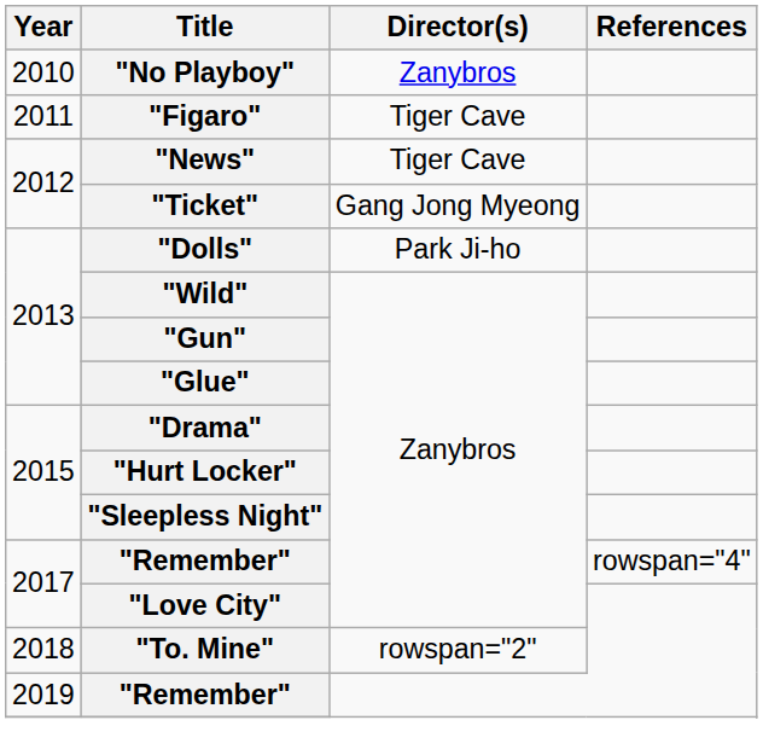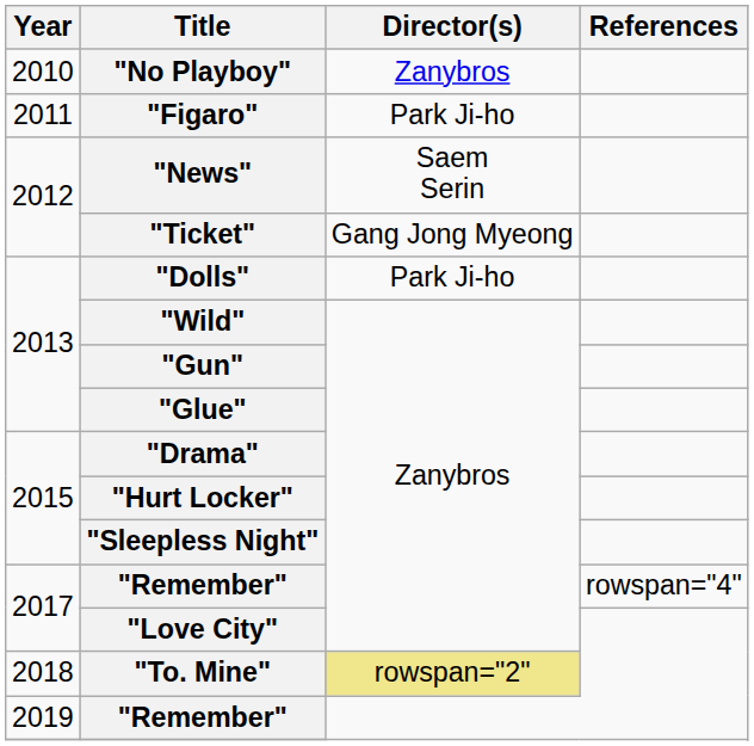 <table class="wikitable plainrowheaders" style="text-align:center">
 <tr>
 <th scope="col">Year</th>
 <th scope="col">Title</th>
 <th scope="col">Director(s)</th>
 <th scope="col">References</th>
 </tr>
 <tr>
 <td>2010</td>
 <th scope="row">"No Playboy"</th>
 <td><a href='#'>Zanybros</a></td>
 <td></td>
 </tr>
 <tr>
 <td>2011</td>
 <th scope="row">"Figaro"</th>
-<td>Tiger Cave</td>
+<td>Park Ji-ho</td>
 <td></td>
 </tr>
 <tr>
 <td rowspan="2">2012</td>
 <th scope="row">"News"</th>
-<td>Tiger Cave</td>
+<td>Saem<br>Serin</td>
 <td></td>
 </tr>
 <tr>
 <th scope="row">"Ticket"</th>
 <td>Gang Jong Myeong</td>
 <td></td>
 </tr>
 <tr>
 <td rowspan="4">2013</td>
 <th scope="row">"Dolls"</th>
 <td>Park Ji-ho</td>
 <td></td>
 </tr>
 <tr>
 <th scope="row">"Wild"</th>
 <td rowspan="8">Zanybros</td>
 <td></td>
 </tr>
 <tr>
 <th scope="row">"Gun"</th>
 <td></td>
 </tr>
 <tr>
 <th scope="row">"Glue"</th>
 <td></td>
 </tr>
 <tr>
 <td rowspan="3">2015</td>
 <th scope="row">"Drama"</th>
 <td></td>
 </tr>
 <tr>
 <th scope="row">"Hurt Locker"</th>
 <td></td>
 </tr>
 <tr>
 <th scope="row">"Sleepless Night"</th>
 <td></td>
 </tr>
 <tr>
 <td rowspan="2">2017</td>
 <th scope="row">"Remember"</th>
 <td>rowspan="4" </td>
 </tr>
 <tr>
 <th scope="row">"Love City"</th>
 </tr>
 <tr>
 <td>2018</td>
 <th scope="row">"To. Mine"</th>
-<td>rowspan="2"  </td>
+<td style="background: khaki;">rowspan="2"  </td>
 </tr>
 <tr>
 <td>2019</td>
 <th scope="row">"Remember"</th>
 </tr>
 <tr>
 </tr>
 </table>
